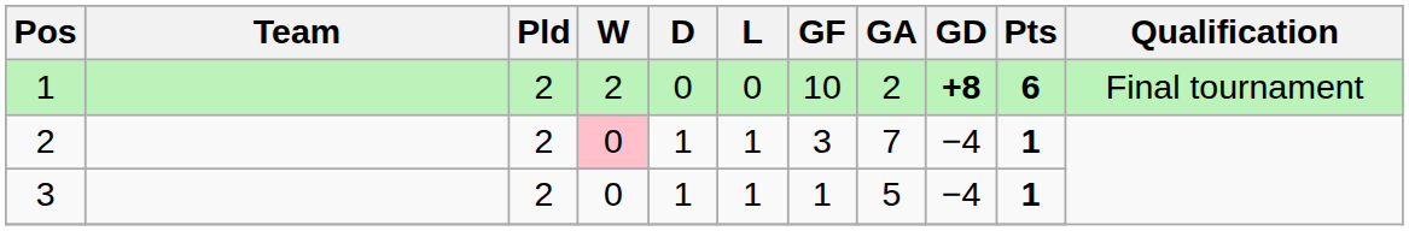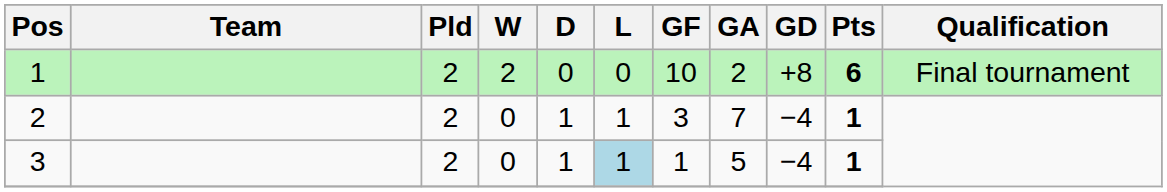 <table class="wikitable" border="1" style="text-align: center;">
 <tr>
 <th width="25"><abbr>Pos</abbr></th>
 <th width="190">Team</th>
 <th width="25"><abbr>Pld</abbr></th>
 <th width="25"><abbr>W</abbr></th>
 <th width="25"><abbr>D</abbr></th>
 <th width="25"><abbr>L</abbr></th>
 <th width="25"><abbr>GF</abbr></th>
 <th width="25"><abbr>GA</abbr></th>
 <th width="25"><abbr>GD</abbr></th>
 <th width="25"><abbr>Pts</abbr></th>
 <th width="150">Qualification</th>
 </tr>
 <tr bgcolor = #BBF3BB>
 <td>1</td>
 <td align="left"></td>
 <td>2</td>
 <td>2</td>
 <td>0</td>
 <td>0</td>
 <td>10</td>
 <td>2</td>
-<td><strong>+8</strong></td>
+<td>+8</td>
 <td><strong>6</strong></td>
 <td>Final tournament</td>
 </tr>
 <tr>
 <td>2</td>
 <td align="left"></td>
 <td>2</td>
-<td style="background: pink;">0</td>
+<td>0</td>
 <td>1</td>
 <td>1</td>
 <td>3</td>
 <td>7</td>
 <td>−4</td>
 <td><strong>1</strong></td>
 </tr>
 <tr>
 <td>3</td>
 <td align="left"></td>
 <td>2</td>
 <td>0</td>
 <td>1</td>
-<td>1</td>
+<td style="background: lightblue;">1</td>
 <td>1</td>
 <td>5</td>
 <td>−4</td>
 <td><strong>1</strong></td>
 </tr>
 <tr>
 </tr>
 </table>
